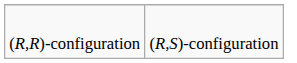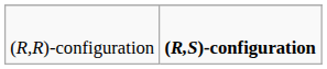 <table class="wikitable float-left" style="text-align:center">
 <tr class="hintergrundfarbe6">
 </tr>
 <tr>
 <td><br> <small>(<em>R,R</em>)-configuration</small></td>
-<td><br> <small>(<em>R,S</em>)-configuration</small></td>
+<td><strong><br> <small>(<em>R,S</em>)-configuration</small></strong></td>
 </tr>
 </table>
